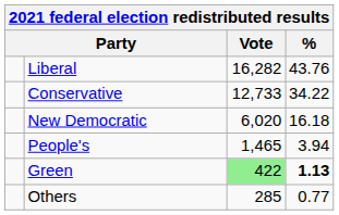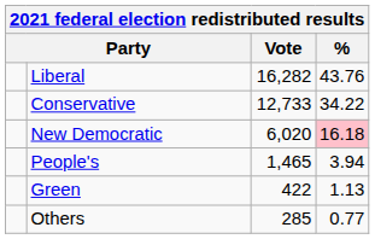 <table class="wikitable">
 <tr>
 <th colspan="4"><a href='#'>2021 federal election</a> redistributed results</th>
 </tr>
 <tr>
 <th bgcolor="#DDDDFF" width="130px" colspan="2">Party</th>
 <th bgcolor="#DDDDFF" width="50px">Vote</th>
 <th bgcolor="#DDDDFF" width="30px">%</th>
 </tr>
 <tr>
 <td> </td>
 <td><a href='#'>Liberal</a></td>
 <td align=right>16,282</td>
 <td align=right>43.76</td>
 </tr>
 <tr>
 <td> </td>
 <td><a href='#'>Conservative</a></td>
 <td align=right>12,733</td>
 <td align=right>34.22</td>
 </tr>
 <tr>
 <td> </td>
 <td><a href='#'>New Democratic</a></td>
 <td align=right>6,020</td>
-<td align=right>16.18</td>
+<td align=right style="background: pink;">16.18</td>
 </tr>
 <tr>
 <td> </td>
 <td><a href='#'>People's</a></td>
 <td align=right>1,465</td>
 <td align=right>3.94</td>
 </tr>
 <tr>
 <td> </td>
 <td><a href='#'>Green</a></td>
-<td align=right style="background: lightgreen;">422</td>
-<td align=right><strong>1.13</strong></td>
+<td align=right>422</td>
+<td align=right>1.13</td>
 </tr>
 <tr>
 <td> </td>
 <td>Others</td>
 <td align=right>285</td>
 <td align=right>0.77</td>
 </tr>
 </table>
